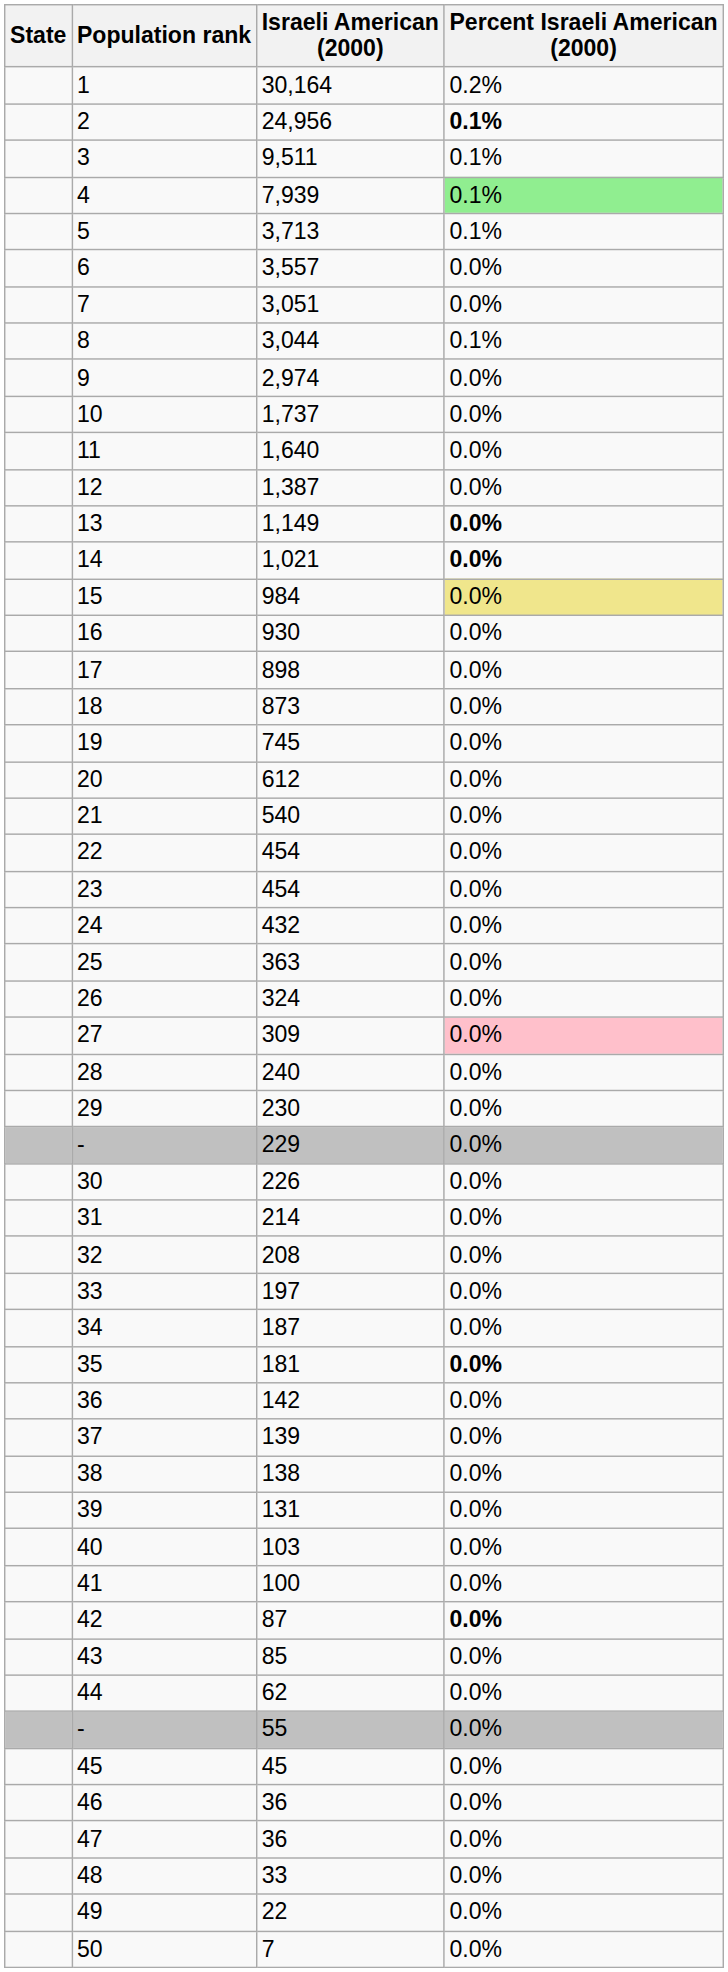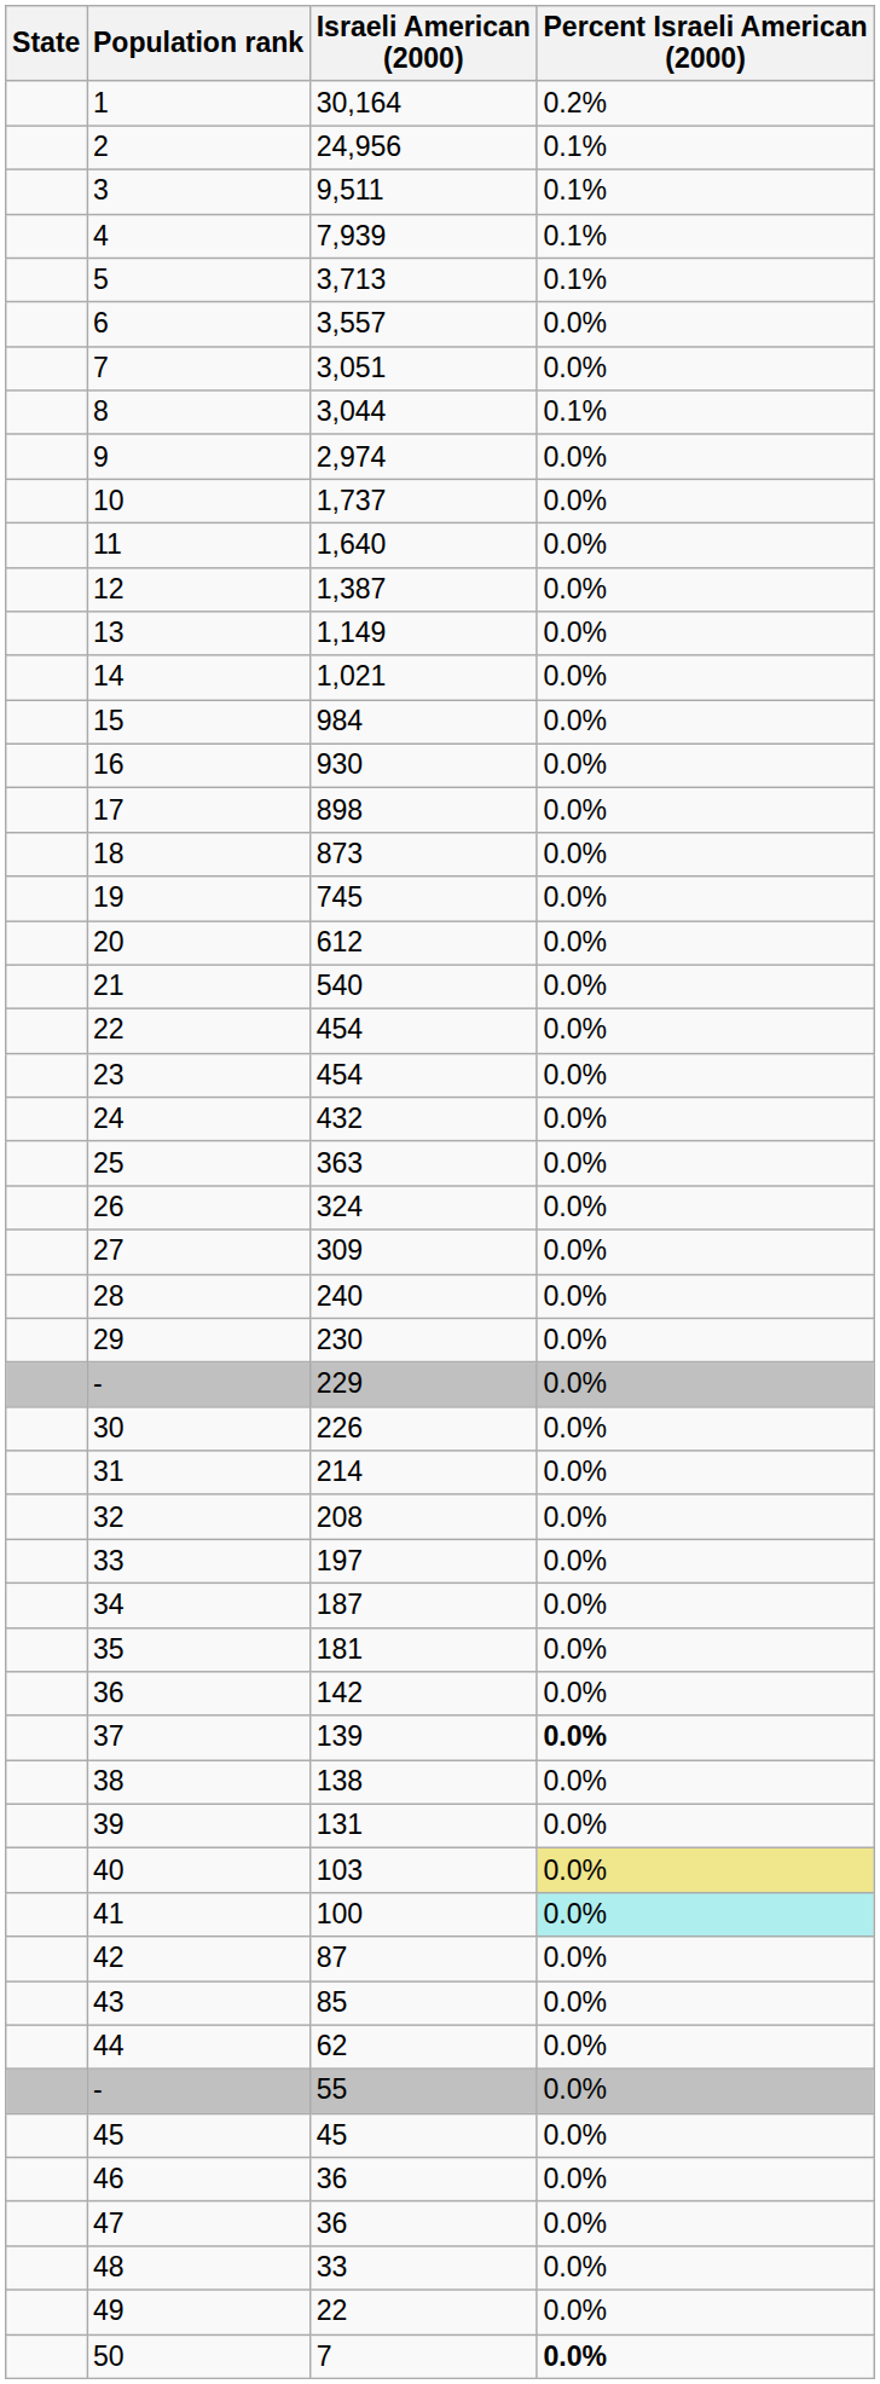 <table class="wikitable sortable">
 <tr>
 <th>State<br></th>
 <th>Population rank<br></th>
 <th>Israeli American<br>(2000)</th>
 <th>Percent Israeli American<br>(2000)</th>
 </tr>
 <tr>
 <td></td>
 <td>1</td>
 <td>30,164</td>
 <td>0.2%</td>
 </tr>
 <tr>
 <td></td>
 <td>2</td>
 <td>24,956</td>
-<td><strong>0.1%</strong></td>
+<td>0.1%</td>
 </tr>
 <tr>
 <td></td>
 <td>3</td>
 <td>9,511</td>
 <td>0.1%</td>
 </tr>
 <tr>
 <td></td>
 <td>4</td>
 <td>7,939</td>
-<td style="background: lightgreen;">0.1%</td>
+<td>0.1%</td>
 </tr>
 <tr>
 <td></td>
 <td>5</td>
 <td>3,713</td>
 <td>0.1%</td>
 </tr>
 <tr>
 <td></td>
 <td>6</td>
 <td>3,557</td>
 <td>0.0%</td>
 </tr>
 <tr>
 <td></td>
 <td>7</td>
 <td>3,051</td>
 <td>0.0%</td>
 </tr>
 <tr>
 <td></td>
 <td>8</td>
 <td>3,044</td>
 <td>0.1%</td>
 </tr>
 <tr>
 <td></td>
 <td>9</td>
 <td>2,974</td>
 <td>0.0%</td>
 </tr>
 <tr>
 <td></td>
 <td>10</td>
 <td>1,737</td>
 <td>0.0%</td>
 </tr>
 <tr>
 <td></td>
 <td>11</td>
 <td>1,640</td>
 <td>0.0%</td>
 </tr>
 <tr>
 <td></td>
 <td>12</td>
 <td>1,387</td>
 <td>0.0%</td>
 </tr>
 <tr>
 <td></td>
 <td>13</td>
 <td>1,149</td>
-<td><strong>0.0%</strong></td>
+<td>0.0%</td>
 </tr>
 <tr>
 <td></td>
 <td>14</td>
 <td>1,021</td>
-<td><strong>0.0%</strong></td>
+<td>0.0%</td>
 </tr>
 <tr>
 <td></td>
 <td>15</td>
 <td>984</td>
-<td style="background: khaki;">0.0%</td>
+<td>0.0%</td>
 </tr>
 <tr>
 <td></td>
 <td>16</td>
 <td>930</td>
 <td>0.0%</td>
 </tr>
 <tr>
 <td></td>
 <td>17</td>
 <td>898</td>
 <td>0.0%</td>
 </tr>
 <tr>
 <td></td>
 <td>18</td>
 <td>873</td>
 <td>0.0%</td>
 </tr>
 <tr>
 <td></td>
 <td>19</td>
 <td>745</td>
 <td>0.0%</td>
 </tr>
 <tr>
 <td></td>
 <td>20</td>
 <td>612</td>
 <td>0.0%</td>
 </tr>
 <tr>
 <td></td>
 <td>21</td>
 <td>540</td>
 <td>0.0%</td>
 </tr>
 <tr>
 <td></td>
 <td>22</td>
 <td>454</td>
 <td>0.0%</td>
 </tr>
 <tr>
 <td></td>
 <td>23</td>
 <td>454</td>
 <td>0.0%</td>
 </tr>
 <tr>
 <td></td>
 <td>24</td>
 <td>432</td>
 <td>0.0%</td>
 </tr>
 <tr>
 <td></td>
 <td>25</td>
 <td>363</td>
 <td>0.0%</td>
 </tr>
 <tr>
 <td></td>
 <td>26</td>
 <td>324</td>
 <td>0.0%</td>
 </tr>
 <tr>
 <td></td>
 <td>27</td>
 <td>309</td>
-<td style="background: pink;">0.0%</td>
+<td>0.0%</td>
 </tr>
 <tr>
 <td></td>
 <td>28</td>
 <td>240</td>
 <td>0.0%</td>
 </tr>
 <tr>
 <td></td>
 <td>29</td>
 <td>230</td>
 <td>0.0%</td>
 </tr>
 <tr>
 <td style="background:silver"></td>
 <td style="background:silver">-</td>
 <td style="background:silver">229</td>
 <td style="background:silver">0.0%</td>
 </tr>
 <tr>
 <td></td>
 <td>30</td>
 <td>226</td>
 <td>0.0%</td>
 </tr>
 <tr>
 <td></td>
 <td>31</td>
 <td>214</td>
 <td>0.0%</td>
 </tr>
 <tr>
 <td></td>
 <td>32</td>
 <td>208</td>
 <td>0.0%</td>
 </tr>
 <tr>
 <td></td>
 <td>33</td>
 <td>197</td>
 <td>0.0%</td>
 </tr>
 <tr>
 <td></td>
 <td>34</td>
 <td>187</td>
 <td>0.0%</td>
 </tr>
 <tr>
 <td></td>
 <td>35</td>
 <td>181</td>
-<td><strong>0.0%</strong></td>
+<td>0.0%</td>
 </tr>
 <tr>
 <td></td>
 <td>36</td>
 <td>142</td>
 <td>0.0%</td>
 </tr>
 <tr>
 <td></td>
 <td>37</td>
 <td>139</td>
-<td>0.0%</td>
+<td><strong>0.0%</strong></td>
 </tr>
 <tr>
 <td></td>
 <td>38</td>
 <td>138</td>
 <td>0.0%</td>
 </tr>
 <tr>
 <td></td>
 <td>39</td>
 <td>131</td>
 <td>0.0%</td>
 </tr>
 <tr>
 <td></td>
 <td>40</td>
 <td>103</td>
-<td>0.0%</td>
+<td style="background: khaki;">0.0%</td>
 </tr>
 <tr>
 <td></td>
 <td>41</td>
 <td>100</td>
-<td>0.0%</td>
+<td style="background: paleturquoise;">0.0%</td>
 </tr>
 <tr>
 <td></td>
 <td>42</td>
 <td>87</td>
-<td><strong>0.0%</strong></td>
+<td>0.0%</td>
 </tr>
 <tr>
 <td></td>
 <td>43</td>
 <td>85</td>
 <td>0.0%</td>
 </tr>
 <tr>
 <td></td>
 <td>44</td>
 <td>62</td>
 <td>0.0%</td>
 </tr>
 <tr>
 <td style="background:silver"></td>
 <td style="background:silver">-</td>
 <td style="background:silver">55</td>
 <td style="background:silver">0.0%</td>
 </tr>
 <tr>
 <td></td>
 <td>45</td>
 <td>45</td>
 <td>0.0%</td>
 </tr>
 <tr>
 <td></td>
 <td>46</td>
 <td>36</td>
 <td>0.0%</td>
 </tr>
 <tr>
 <td></td>
 <td>47</td>
 <td>36</td>
 <td>0.0%</td>
 </tr>
 <tr>
 <td></td>
 <td>48</td>
 <td>33</td>
 <td>0.0%</td>
 </tr>
 <tr>
 <td></td>
 <td>49</td>
 <td>22</td>
 <td>0.0%</td>
 </tr>
 <tr>
 <td></td>
 <td>50</td>
 <td>7</td>
-<td>0.0%</td>
+<td><strong>0.0%</strong></td>
 </tr>
 </table>
